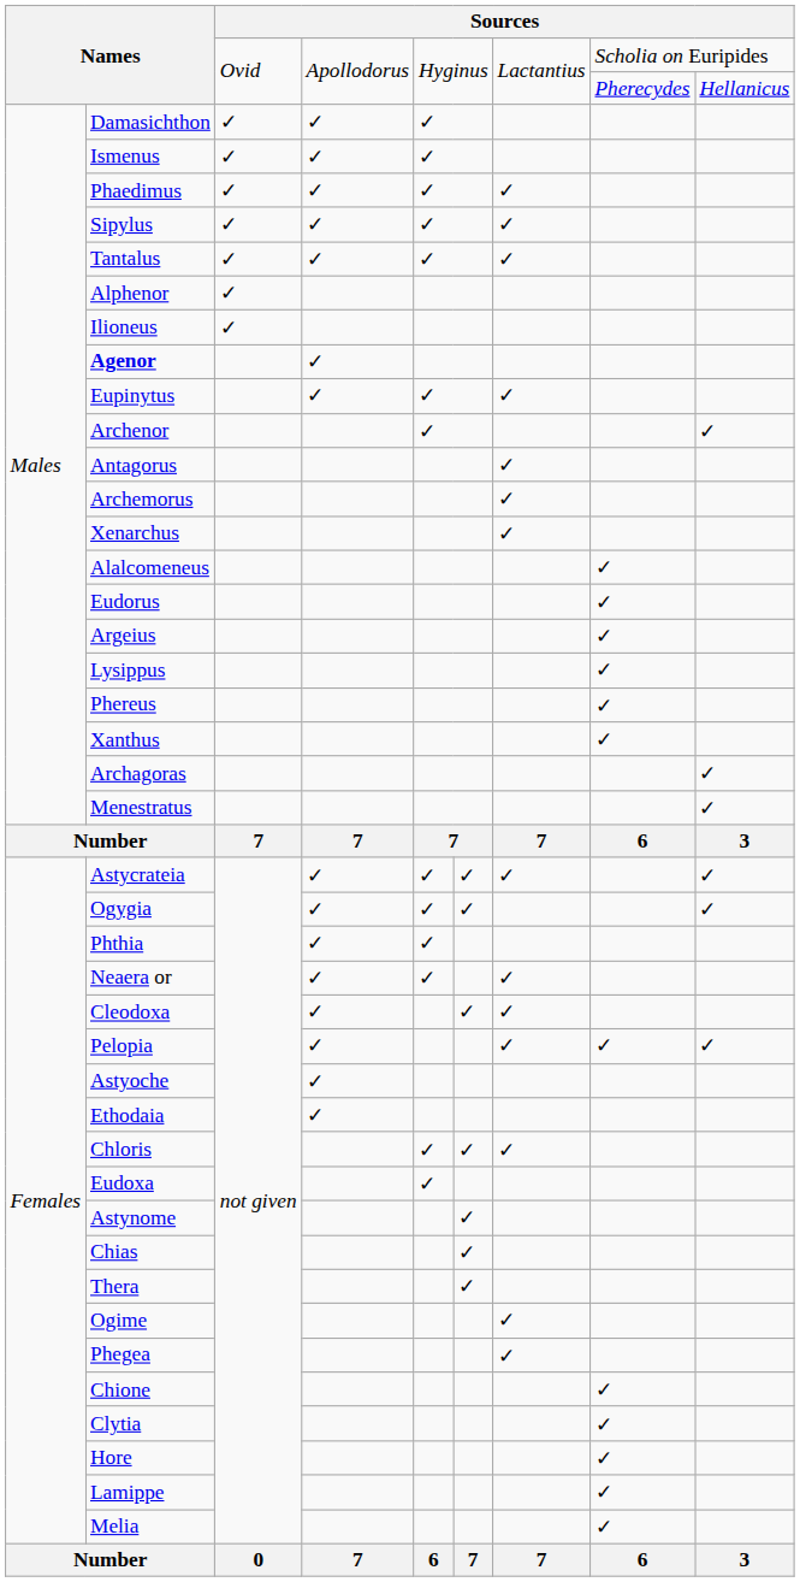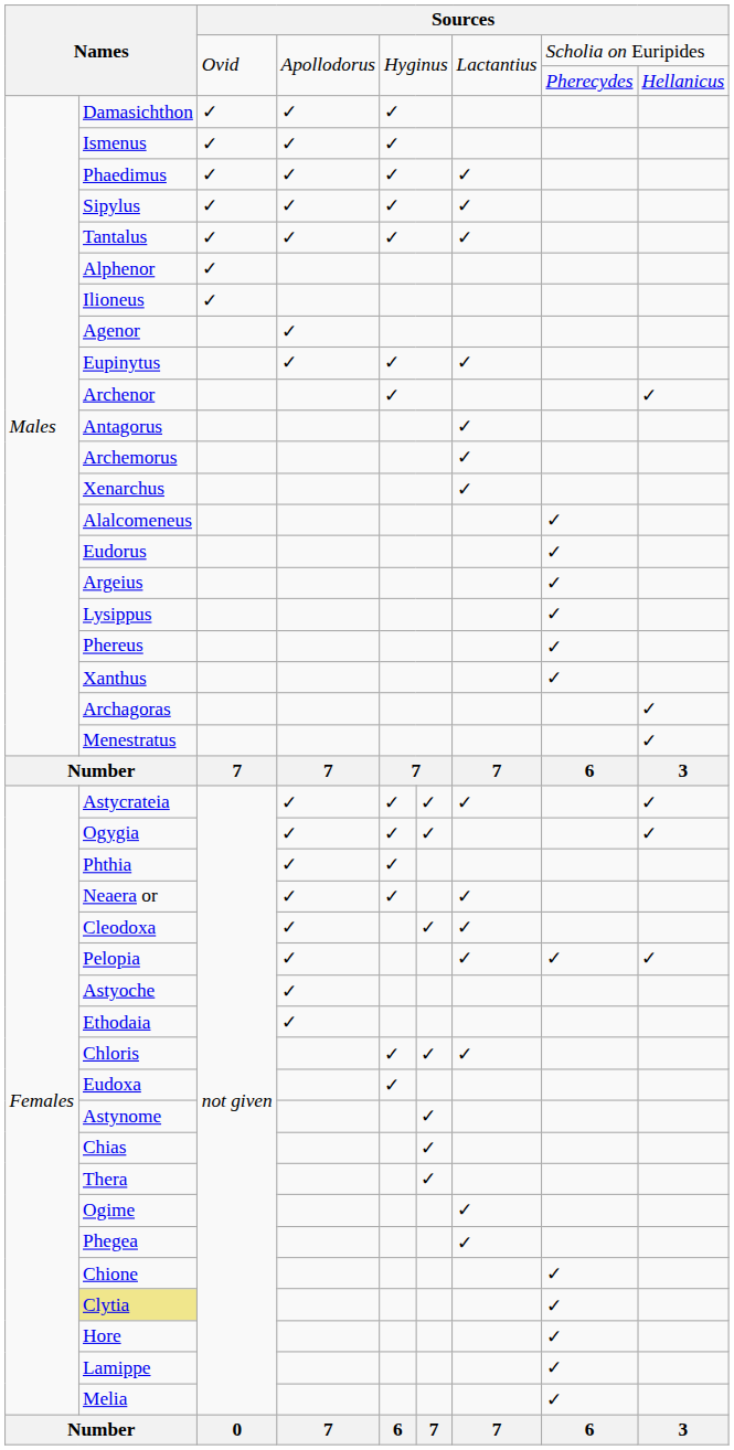 <table class="wikitable">
 <tr>
 <th colspan="2" rowspan="3">Names</th>
 <th colspan="7">Sources</th>
 </tr>
 <tr>
 <td rowspan="2"><em>Ovid</em></td>
 <td rowspan="2"><em>Apollodorus</em></td>
 <td colspan="2" rowspan="2"><em>Hyginus</em></td>
 <td rowspan="2"><em>Lactantius</em></td>
 <td colspan="2"><em>Scholia on</em> Euripides</td>
 </tr>
 <tr>
 <td><a href='#'><em>Pherecydes</em></a></td>
 <td><a href='#'><em>Hellanicus</em></a></td>
 </tr>
 <tr>
 <td rowspan="21"><em>Males</em></td>
 <td><a href='#'>Damasichthon</a></td>
 <td>✓</td>
 <td>✓</td>
 <td colspan="2">✓</td>
 <td></td>
 <td></td>
 <td></td>
 </tr>
 <tr>
 <td><a href='#'>Ismenus</a></td>
 <td>✓</td>
 <td>✓</td>
 <td colspan="2">✓</td>
 <td></td>
 <td></td>
 <td></td>
 </tr>
 <tr>
 <td><a href='#'>Phaedimus</a></td>
 <td>✓</td>
 <td>✓</td>
 <td colspan="2">✓</td>
 <td>✓</td>
 <td></td>
 <td></td>
 </tr>
 <tr>
 <td><a href='#'>Sipylus</a></td>
 <td>✓</td>
 <td>✓</td>
 <td colspan="2">✓</td>
 <td>✓</td>
 <td></td>
 <td></td>
 </tr>
 <tr>
 <td><a href='#'>Tantalus</a></td>
 <td>✓</td>
 <td>✓</td>
 <td colspan="2">✓</td>
 <td>✓</td>
 <td></td>
 <td></td>
 </tr>
 <tr>
 <td><a href='#'>Alphenor</a></td>
 <td>✓</td>
 <td></td>
 <td colspan="2"></td>
 <td></td>
 <td></td>
 <td></td>
 </tr>
 <tr>
 <td><a href='#'>Ilioneus</a></td>
 <td>✓</td>
 <td></td>
 <td colspan="2"></td>
 <td></td>
 <td></td>
 <td></td>
 </tr>
 <tr>
-<td><strong><a href='#'>Agenor</a></strong></td>
+<td><a href='#'>Agenor</a></td>
 <td></td>
 <td>✓</td>
 <td colspan="2"></td>
 <td></td>
 <td></td>
 <td></td>
 </tr>
 <tr>
 <td><a href='#'>Eupinytus</a></td>
 <td></td>
 <td>✓</td>
 <td colspan="2">✓</td>
 <td>✓</td>
 <td></td>
 <td></td>
 </tr>
 <tr>
 <td><a href='#'>Archenor</a></td>
 <td></td>
 <td></td>
 <td colspan="2">✓</td>
 <td></td>
 <td></td>
 <td>✓</td>
 </tr>
 <tr>
 <td><a href='#'>Antagorus</a></td>
 <td></td>
 <td></td>
 <td colspan="2"></td>
 <td>✓</td>
 <td></td>
 <td></td>
 </tr>
 <tr>
 <td><a href='#'>Archemorus</a></td>
 <td></td>
 <td></td>
 <td colspan="2"></td>
 <td>✓</td>
 <td></td>
 <td></td>
 </tr>
 <tr>
 <td><a href='#'>Xenarchus</a></td>
 <td></td>
 <td></td>
 <td colspan="2"></td>
 <td>✓</td>
 <td></td>
 <td></td>
 </tr>
 <tr>
 <td><a href='#'>Alalcomeneus</a></td>
 <td></td>
 <td></td>
 <td colspan="2"></td>
 <td></td>
 <td>✓</td>
 <td></td>
 </tr>
 <tr>
 <td><a href='#'>Eudorus</a></td>
 <td></td>
 <td></td>
 <td colspan="2"></td>
 <td></td>
 <td>✓</td>
 <td></td>
 </tr>
 <tr>
 <td><a href='#'>Argeius</a></td>
 <td></td>
 <td></td>
 <td colspan="2"></td>
 <td></td>
 <td>✓</td>
 <td></td>
 </tr>
 <tr>
 <td><a href='#'>Lysippus</a></td>
 <td></td>
 <td></td>
 <td colspan="2"></td>
 <td></td>
 <td>✓</td>
 <td></td>
 </tr>
 <tr>
 <td><a href='#'>Phereus</a></td>
 <td></td>
 <td></td>
 <td colspan="2"></td>
 <td></td>
 <td>✓</td>
 <td></td>
 </tr>
 <tr>
 <td><a href='#'>Xanthus</a></td>
 <td></td>
 <td></td>
 <td colspan="2"></td>
 <td></td>
 <td>✓</td>
 <td></td>
 </tr>
 <tr>
 <td><a href='#'>Archagoras</a></td>
 <td></td>
 <td></td>
 <td colspan="2"></td>
 <td></td>
 <td></td>
 <td>✓</td>
 </tr>
 <tr>
 <td><a href='#'>Menestratus</a></td>
 <td></td>
 <td></td>
 <td colspan="2"></td>
 <td></td>
 <td></td>
 <td>✓</td>
 </tr>
 <tr>
 <th colspan="2"><strong>Number</strong></th>
 <th><strong>7</strong></th>
 <th><strong>7</strong></th>
 <th colspan="2"><strong>7</strong></th>
 <th><strong>7</strong></th>
 <th><strong>6</strong></th>
 <th><strong>3</strong></th>
 </tr>
 <tr>
 <td rowspan="20"><em>Females</em></td>
 <td><a href='#'>Astycrateia</a></td>
 <td rowspan="20"><em>not given</em></td>
 <td>✓</td>
 <td>✓</td>
 <td>✓</td>
 <td>✓</td>
 <td></td>
 <td>✓</td>
 </tr>
 <tr>
 <td><a href='#'>Ogygia</a></td>
 <td>✓</td>
 <td>✓</td>
 <td>✓</td>
 <td></td>
 <td></td>
 <td>✓</td>
 </tr>
 <tr>
 <td><a href='#'>Phthia</a></td>
 <td>✓</td>
 <td>✓</td>
 <td></td>
 <td></td>
 <td></td>
 <td></td>
 </tr>
 <tr>
 <td><a href='#'>Neaera</a> or</td>
 <td>✓</td>
 <td>✓</td>
 <td></td>
 <td>✓</td>
 <td></td>
 <td></td>
 </tr>
 <tr>
 <td><a href='#'>Cleodoxa</a></td>
 <td>✓</td>
 <td></td>
 <td>✓</td>
 <td>✓</td>
 <td></td>
 <td></td>
 </tr>
 <tr>
 <td><a href='#'>Pelopia</a></td>
 <td>✓</td>
 <td></td>
 <td></td>
 <td>✓</td>
 <td>✓</td>
 <td>✓</td>
 </tr>
 <tr>
 <td><a href='#'>Astyoche</a></td>
 <td>✓</td>
 <td></td>
 <td></td>
 <td></td>
 <td></td>
 <td></td>
 </tr>
 <tr>
 <td><a href='#'>Ethodaia</a></td>
 <td>✓</td>
 <td></td>
 <td></td>
 <td></td>
 <td></td>
 <td></td>
 </tr>
 <tr>
 <td><a href='#'>Chloris</a></td>
 <td></td>
 <td>✓</td>
 <td>✓</td>
 <td>✓</td>
 <td></td>
 <td></td>
 </tr>
 <tr>
 <td><a href='#'>Eudoxa</a></td>
 <td></td>
 <td>✓</td>
 <td></td>
 <td></td>
 <td></td>
 <td></td>
 </tr>
 <tr>
 <td><a href='#'>Astynome</a></td>
 <td></td>
 <td></td>
 <td>✓</td>
 <td></td>
 <td></td>
 <td></td>
 </tr>
 <tr>
 <td><a href='#'>Chias</a></td>
 <td></td>
 <td></td>
 <td>✓</td>
 <td></td>
 <td></td>
 <td></td>
 </tr>
 <tr>
 <td><a href='#'>Thera</a></td>
 <td></td>
 <td></td>
 <td>✓</td>
 <td></td>
 <td></td>
 <td></td>
 </tr>
 <tr>
 <td><a href='#'>Ogime</a></td>
 <td></td>
 <td></td>
 <td></td>
 <td>✓</td>
 <td></td>
 <td></td>
 </tr>
 <tr>
 <td><a href='#'>Phegea</a></td>
 <td></td>
 <td></td>
 <td></td>
 <td>✓</td>
 <td></td>
 <td></td>
 </tr>
 <tr>
 <td><a href='#'>Chione</a></td>
 <td></td>
 <td></td>
 <td></td>
 <td></td>
 <td>✓</td>
 <td></td>
 </tr>
 <tr>
-<td><a href='#'>Clytia</a></td>
+<td style="background: khaki;"><a href='#'>Clytia</a></td>
 <td></td>
 <td></td>
 <td></td>
 <td></td>
 <td>✓</td>
 <td></td>
 </tr>
 <tr>
 <td><a href='#'>Hore</a></td>
 <td></td>
 <td></td>
 <td></td>
 <td></td>
 <td>✓</td>
 <td></td>
 </tr>
 <tr>
 <td><a href='#'>Lamippe</a></td>
 <td></td>
 <td></td>
 <td></td>
 <td></td>
 <td>✓</td>
 <td></td>
 </tr>
 <tr>
 <td><a href='#'>Melia</a></td>
 <td></td>
 <td></td>
 <td></td>
 <td></td>
 <td>✓</td>
 <td></td>
 </tr>
 <tr>
 <th colspan="2"><strong>Number</strong></th>
 <th>0</th>
 <th>7</th>
 <th>6</th>
 <th>7</th>
 <th>7</th>
 <th>6</th>
 <th>3</th>
 </tr>
 </table>
